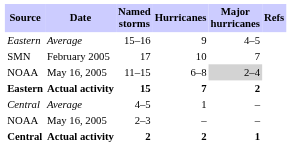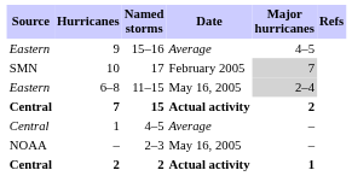 <table class="toccolours" cellspacing=0 cellpadding=3 style="float:right; margin-left:1em; text-align:right;">
 <tr style="background:#ccccff">
 <td align="center"><strong>Source</strong></td>
+<td align="center"><strong><span>Hurricanes</span></strong></td>
+<td align="center"><strong><span>Named<br>storms</span></strong></td>
 <td align="center"><strong>Date</strong></td>
-<td align="center"><strong><span>Named<br>storms</span></strong></td>
-<td align="center"><strong><span>Hurricanes</span></strong></td>
 <td align="center"><strong><span>Major<br>hurricanes</span></strong></td>
 <td align="centra'"><strong><span>Refs</span></strong></td>
 </tr>
 <tr>
 <td align="left"><em>Eastern</em></td>
+<td>9</td>
+<td>15–16</td>
 <td align="left"><em>Average</em></td>
-<td>15–16</td>
-<td>9</td>
 <td>4–5</td>
 <td></td>
 </tr>
 <tr>
 <td align="left">SMN</td>
+<td>10</td>
+<td>17</td>
 <td align="left">February 2005</td>
-<td>17</td>
-<td>10</td>
-<td>7</td>
+<td style="background: lightgrey;">7</td>
 <td></td>
 </tr>
 <tr>
-<td align="left">NOAA</td>
+<td align="left"><em>Eastern</em></td>
+<td>6–8</td>
+<td>11–15</td>
 <td align="left">May 16, 2005</td>
-<td>11–15</td>
-<td>6–8</td>
 <td style="background: lightgrey;">2–4</td>
 <td></td>
 </tr>
 <tr>
-<td align="left"><strong>Eastern</strong></td>
+<td align="left"><strong>Central</strong></td>
+<td><strong>7</strong></td>
+<td><strong>15</strong></td>
 <td align="left"><strong>Actual activity</strong></td>
-<td><strong>15</strong></td>
-<td><strong>7</strong></td>
 <td><strong>2</strong></td>
 <td></td>
 </tr>
 <tr>
 <td align="left"><em>Central</em></td>
+<td>1</td>
+<td>4–5</td>
 <td align="left"><em>Average</em></td>
-<td>4–5</td>
-<td>1</td>
 <td>–</td>
 <td></td>
 </tr>
 <tr>
 <td align="left">NOAA</td>
+<td>–</td>
+<td>2–3</td>
 <td align="left">May 16, 2005</td>
-<td>2–3</td>
-<td>–</td>
 <td>–</td>
 <td></td>
 </tr>
 <tr>
 <td align="left"><strong>Central</strong></td>
-<td align="left"><strong>Actual activity</strong></td>
 <td><strong>2</strong></td>
 <td><strong>2</strong></td>
+<td align="left"><strong>Actual activity</strong></td>
 <td><strong>1</strong></td>
 <td></td>
 </tr>
 </table>
